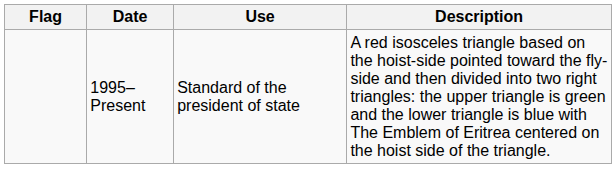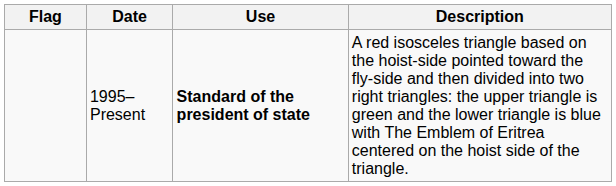 <table class="wikitable" style="background:#f9f9f9">
 <tr>
 <th width="110">Flag</th>
 <th width="100">Date</th>
 <th width="250">Use</th>
 <th width="400">Description</th>
 </tr>
 <tr>
 <td></td>
 <td>1995–Present</td>
-<td>Standard of the president of state</td>
+<td><strong>Standard of the president of state</strong></td>
 <td>A red isosceles triangle based on the hoist-side pointed toward the fly-side and then divided into two right triangles: the upper triangle is green and the lower triangle is blue with The Emblem of Eritrea centered on the hoist side of the triangle.</td>
 </tr>
 <tr>
 </tr>
 </table>
